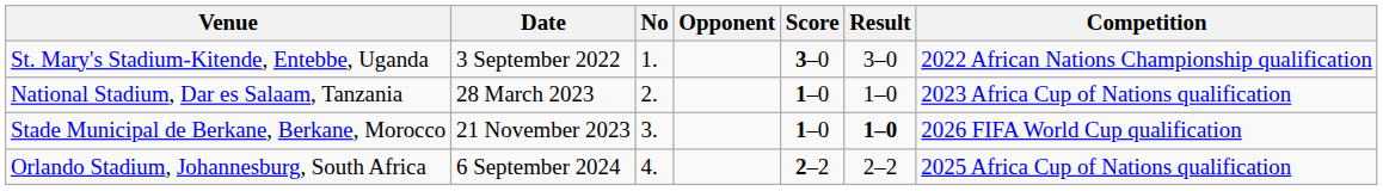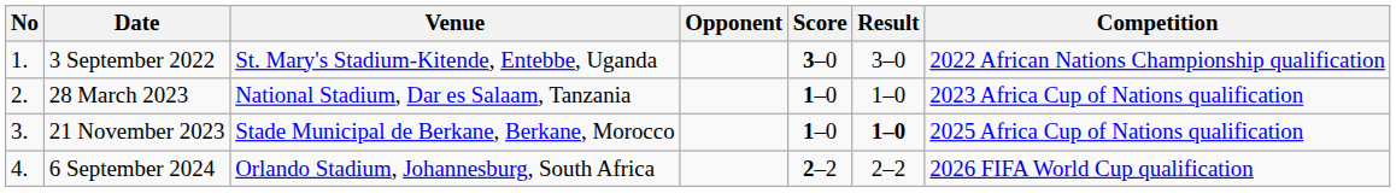 <table class="wikitable" style="font-size:100%;">
 <tr>
+<th>No</th>
+<th>Date</th>
 <th>Venue</th>
-<th>Date</th>
-<th>No</th>
 <th>Opponent</th>
 <th>Score</th>
 <th>Result</th>
 <th>Competition</th>
 </tr>
 <tr>
+<td>1.</td>
+<td>3 September 2022</td>
 <td><a href='#'>St. Mary's Stadium-Kitende</a>, <a href='#'>Entebbe</a>, Uganda</td>
-<td>3 September 2022</td>
-<td>1.</td>
 <td></td>
 <td align=center><strong>3</strong>–0</td>
 <td align=center>3–0</td>
 <td><a href='#'> 2022 African Nations Championship qualification</a></td>
 </tr>
 <tr>
+<td>2.</td>
+<td>28 March 2023</td>
 <td><a href='#'>National Stadium</a>, <a href='#'>Dar es Salaam</a>, Tanzania</td>
-<td>28 March 2023</td>
-<td>2.</td>
 <td></td>
 <td align=center><strong>1</strong>–0</td>
 <td align=center>1–0</td>
 <td><a href='#'>2023 Africa Cup of Nations qualification</a></td>
 </tr>
 <tr>
+<td>3.</td>
+<td>21 November 2023</td>
 <td><a href='#'>Stade Municipal de Berkane</a>, <a href='#'>Berkane</a>, Morocco</td>
-<td>21 November 2023</td>
-<td>3.</td>
 <td></td>
 <td align=center><strong>1</strong>–0</td>
 <td align=center><strong>1–0</strong></td>
-<td><a href='#'>2026 FIFA World Cup qualification</a></td>
+<td><a href='#'>2025 Africa Cup of Nations qualification</a></td>
 </tr>
 <tr>
+<td>4.</td>
+<td>6 September 2024</td>
 <td><a href='#'>Orlando Stadium</a>, <a href='#'>Johannesburg</a>, South Africa</td>
-<td>6 September 2024</td>
-<td>4.</td>
 <td></td>
 <td align=center><strong>2</strong>–2</td>
 <td align=center>2–2</td>
-<td><a href='#'>2025 Africa Cup of Nations qualification</a></td>
+<td><a href='#'>2026 FIFA World Cup qualification</a></td>
 </tr>
 </table>
